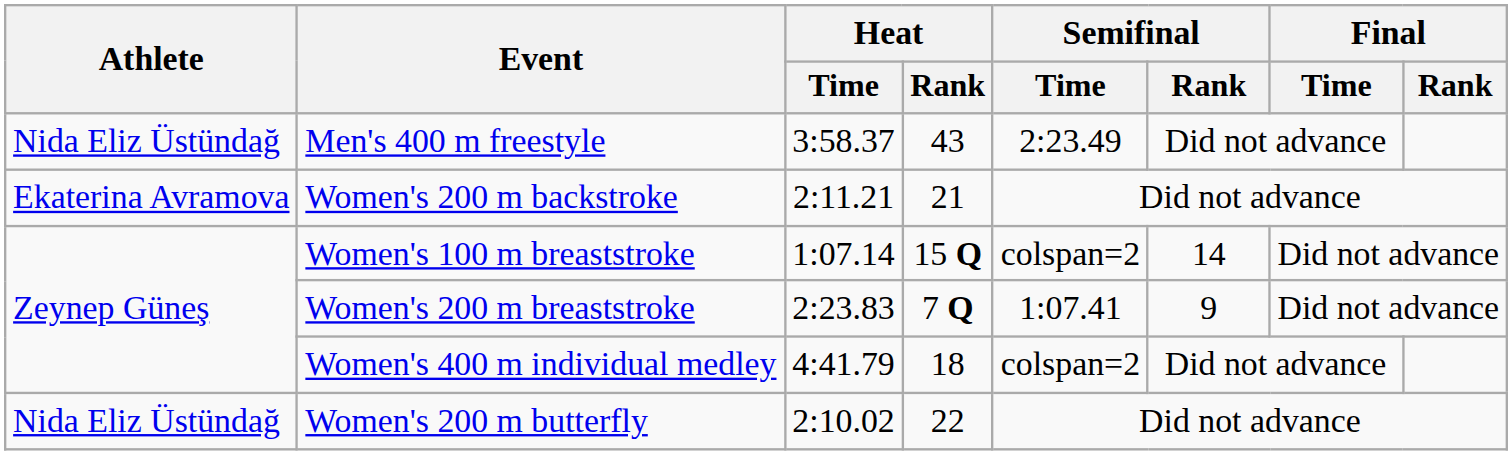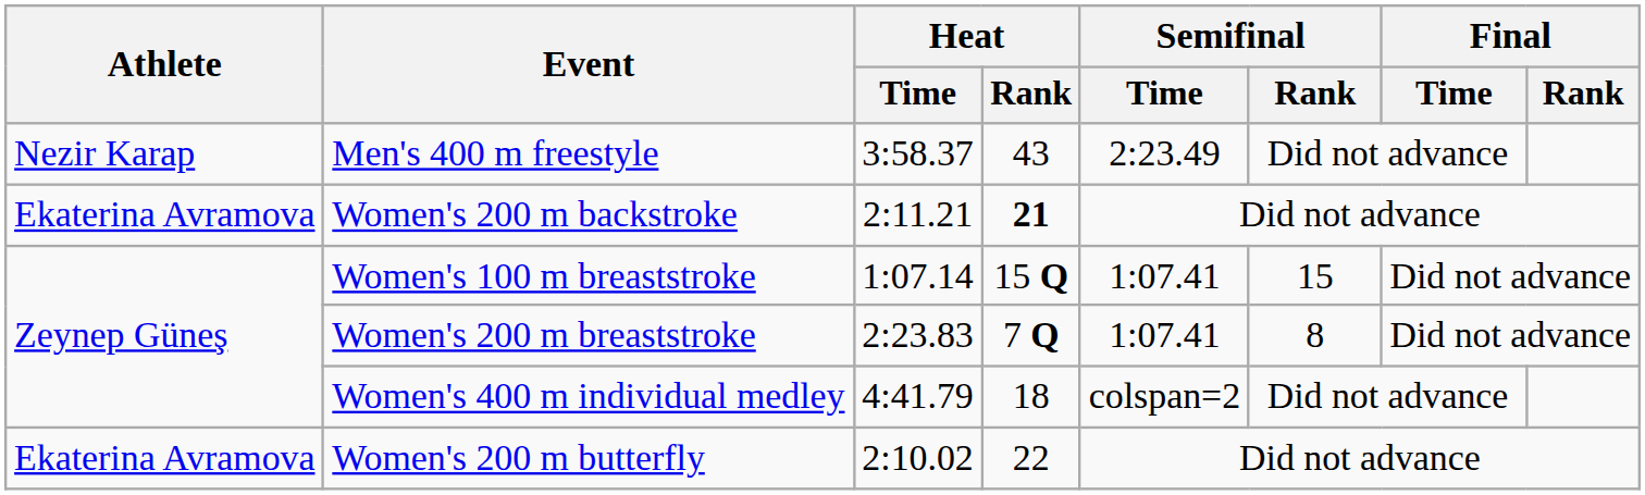 <table class=wikitable style="font-size:90%">
 <tr>
 <th rowspan="2">Athlete</th>
 <th rowspan="2">Event</th>
 <th colspan="2">Heat</th>
 <th colspan="2">Semifinal</th>
 <th colspan="2">Final</th>
 </tr>
 <tr style="font-size:95%">
 <th>Time</th>
 <th>Rank</th>
 <th>Time</th>
 <th>Rank</th>
 <th>Time</th>
 <th>Rank</th>
 </tr>
 <tr align=center>
-<td align=left><a href='#'>Nida Eliz Üstündağ</a></td>
+<td align=left><a href='#'>Nezir Karap</a></td>
 <td align=left><a href='#'>Men's 400 m freestyle</a></td>
 <td>3:58.37</td>
 <td>43</td>
 <td>2:23.49</td>
 <td colspan=2>Did not advance</td>
 </tr>
 <tr align=center>
 <td align=left><a href='#'>Ekaterina Avramova</a></td>
 <td align=left><a href='#'>Women's 200 m backstroke</a></td>
 <td>2:11.21</td>
-<td>21</td>
+<td><strong>21</strong></td>
 <td colspan=4>Did not advance</td>
 </tr>
 <tr align=center>
 <td align=left rowspan=3><a href='#'>Zeynep Güneş</a></td>
 <td align=left><a href='#'>Women's 100 m breaststroke</a></td>
 <td>1:07.14</td>
 <td>15 <strong>Q</strong></td>
-<td>colspan=2 </td>
-<td>14</td>
+<td>1:07.41</td>
+<td>15</td>
 <td colspan=2>Did not advance</td>
 </tr>
 <tr align=center>
 <td align=left><a href='#'>Women's 200 m breaststroke</a></td>
 <td>2:23.83</td>
 <td>7 <strong>Q</strong></td>
 <td>1:07.41</td>
-<td>9</td>
+<td>8</td>
 <td colspan=2>Did not advance</td>
 </tr>
 <tr align=center>
 <td align=left><a href='#'>Women's 400 m individual medley</a></td>
 <td>4:41.79</td>
 <td>18</td>
 <td>colspan=2 </td>
 <td colspan=2>Did not advance</td>
 </tr>
 <tr align=center>
-<td align=left><a href='#'>Nida Eliz Üstündağ</a></td>
+<td align=left><a href='#'>Ekaterina Avramova</a></td>
 <td align=left><a href='#'>Women's 200 m butterfly</a></td>
 <td>2:10.02</td>
 <td>22</td>
 <td colspan=4>Did not advance</td>
 </tr>
 </table>
